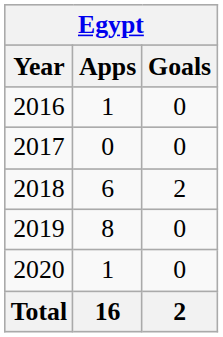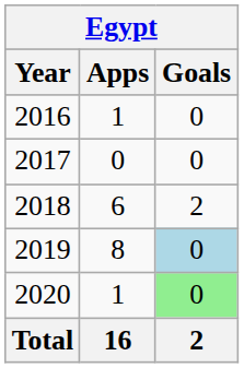 <table class="wikitable" style="text-align:center">
 <tr>
 <th colspan=3><a href='#'>Egypt</a></th>
 </tr>
 <tr>
 <th>Year</th>
 <th>Apps</th>
 <th>Goals</th>
 </tr>
 <tr>
 <td>2016</td>
 <td>1</td>
 <td>0</td>
 </tr>
 <tr>
 <td>2017</td>
 <td>0</td>
 <td>0</td>
 </tr>
 <tr>
 <td>2018</td>
 <td>6</td>
 <td>2</td>
 </tr>
 <tr>
 <td>2019</td>
 <td>8</td>
-<td>0</td>
+<td style="background: lightblue;">0</td>
 </tr>
 <tr>
 <td>2020</td>
 <td>1</td>
-<td>0</td>
+<td style="background: lightgreen;">0</td>
 </tr>
 <tr>
 <th>Total</th>
 <th>16</th>
 <th>2</th>
 </tr>
 </table>
